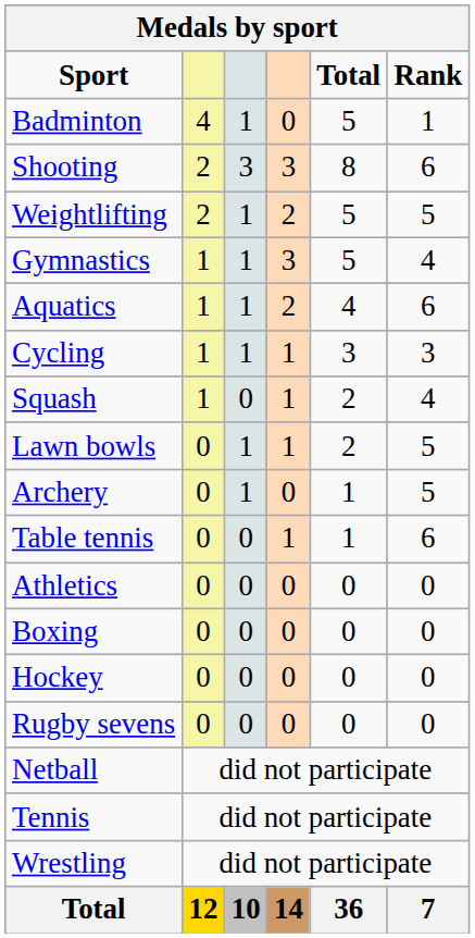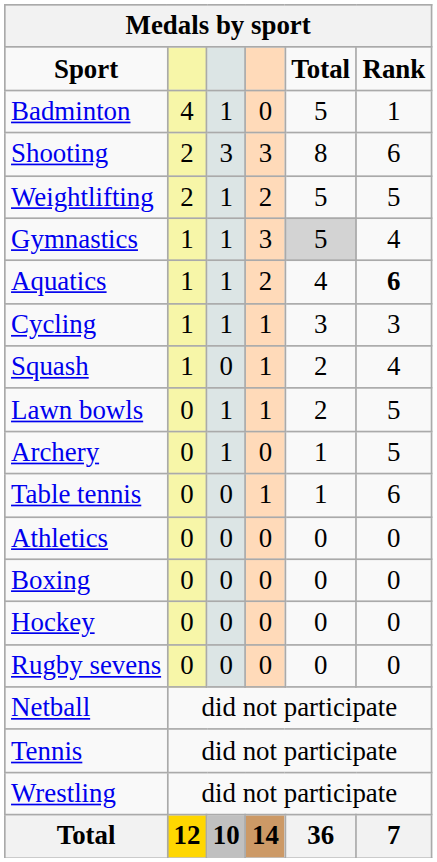 <table class="wikitable">
 <tr align=center>
 <th colspan=6><strong>Medals by sport</strong></th>
 </tr>
 <tr align=center>
 <td><strong>Sport</strong></td>
 <td bgcolor=#f7f6a8></td>
 <td bgcolor=#dce5e5></td>
 <td bgcolor=#ffdab9></td>
 <td><strong>Total</strong></td>
 <td><strong>Rank</strong></td>
 </tr>
 <tr align=center>
 <td align=left><a href='#'>Badminton</a></td>
 <td bgcolor=#f7f6a8>4</td>
 <td bgcolor=#dce5e5>1</td>
 <td bgcolor=#ffdab9>0</td>
 <td>5</td>
 <td>1</td>
 </tr>
 <tr align=center>
 <td align=left><a href='#'>Shooting</a></td>
 <td bgcolor=#f7f6a8>2</td>
 <td bgcolor=#dce5e5>3</td>
 <td bgcolor=#ffdab9>3</td>
 <td>8</td>
 <td>6</td>
 </tr>
 <tr align=center>
 <td align=left><a href='#'>Weightlifting</a></td>
 <td bgcolor=#f7f6a8>2</td>
 <td bgcolor=#dce5e5>1</td>
 <td bgcolor=#ffdab9>2</td>
 <td>5</td>
 <td>5</td>
 </tr>
 <tr align=center>
 <td align=left><a href='#'>Gymnastics</a></td>
 <td bgcolor=#f7f6a8>1</td>
 <td bgcolor=#dce5e5>1</td>
 <td bgcolor=#ffdab9>3</td>
-<td>5</td>
+<td style="background: lightgrey;">5</td>
 <td>4</td>
 </tr>
 <tr align=center>
 <td align=left><a href='#'>Aquatics</a></td>
 <td bgcolor=#f7f6a8>1</td>
 <td bgcolor=#dce5e5>1</td>
 <td bgcolor=#ffdab9>2</td>
 <td>4</td>
-<td>6</td>
+<td><strong>6</strong></td>
 </tr>
 <tr align=center>
 <td align=left><a href='#'>Cycling</a></td>
 <td bgcolor=#f7f6a8>1</td>
 <td bgcolor=#dce5e5>1</td>
 <td bgcolor=#ffdab9>1</td>
 <td>3</td>
 <td>3</td>
 </tr>
 <tr align=center>
 <td align=left><a href='#'>Squash</a></td>
 <td bgcolor=#f7f6a8>1</td>
 <td bgcolor=#dce5e5>0</td>
 <td bgcolor=#ffdab9>1</td>
 <td>2</td>
 <td>4</td>
 </tr>
 <tr align=center>
 <td align=left><a href='#'>Lawn bowls</a></td>
 <td bgcolor=#f7f6a8>0</td>
 <td bgcolor=#dce5e5>1</td>
 <td bgcolor=#ffdab9>1</td>
 <td>2</td>
 <td>5</td>
 </tr>
 <tr align=center>
 <td align=left><a href='#'>Archery</a></td>
 <td bgcolor=#f7f6a8>0</td>
 <td bgcolor=#dce5e5>1</td>
 <td bgcolor=#ffdab9>0</td>
 <td>1</td>
 <td>5</td>
 </tr>
 <tr align=center>
 <td align=left><a href='#'>Table tennis</a></td>
 <td bgcolor=#f7f6a8>0</td>
 <td bgcolor=#dce5e5>0</td>
 <td bgcolor=#ffdab9>1</td>
 <td>1</td>
 <td>6</td>
 </tr>
 <tr align=center>
 <td align=left><a href='#'>Athletics</a></td>
 <td bgcolor=#f7f6a8>0</td>
 <td bgcolor=#dce5e5>0</td>
 <td bgcolor=#ffdab9>0</td>
 <td>0</td>
 <td>0</td>
 </tr>
 <tr align=center>
 <td align=left><a href='#'>Boxing</a></td>
 <td bgcolor=#f7f6a8>0</td>
 <td bgcolor=#dce5e5>0</td>
 <td bgcolor=#ffdab9>0</td>
 <td>0</td>
 <td>0</td>
 </tr>
 <tr align=center>
 <td align=left><a href='#'>Hockey</a></td>
 <td bgcolor=#f7f6a8>0</td>
 <td bgcolor=#dce5e5>0</td>
 <td bgcolor=#ffdab9>0</td>
 <td>0</td>
 <td>0</td>
 </tr>
 <tr align=center>
 <td align=left><a href='#'>Rugby sevens</a></td>
 <td bgcolor=#f7f6a8>0</td>
 <td bgcolor=#dce5e5>0</td>
 <td bgcolor=#ffdab9>0</td>
 <td>0</td>
 <td>0</td>
 </tr>
 <tr align=center>
 <td align=left><a href='#'>Netball</a></td>
 <td colspan=5>did not participate</td>
 </tr>
 <tr align=center>
 <td align=left><a href='#'>Tennis</a></td>
 <td colspan=5>did not participate</td>
 </tr>
 <tr align=center>
 <td align=left><a href='#'>Wrestling</a></td>
 <td colspan=5>did not participate</td>
 </tr>
 <tr align=center>
 <th><strong>Total</strong></th>
 <th style="background:gold;">12</th>
 <th style="background:silver;">10</th>
 <th style="background:#c96;">14</th>
 <th>36</th>
 <th>7</th>
 </tr>
 </table>
